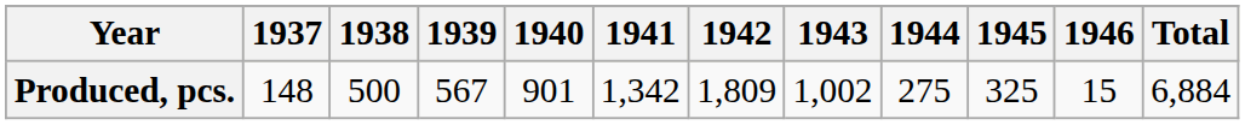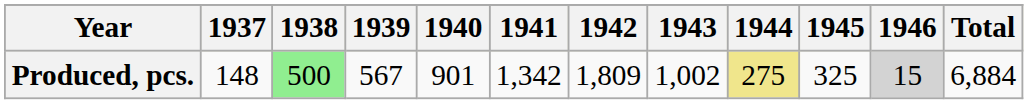 <table class="wikitable">
 <tr style="vertical-align:top; text-align:center;">
 </tr>
 <tr style="vertical-align:top; border:1px solid #996; background-color:#ddb; text-align:center;">
 <th>Year</th>
 <th>1937</th>
 <th>1938</th>
 <th>1939</th>
 <th>1940</th>
 <th>1941</th>
 <th>1942</th>
 <th>1943</th>
 <th>1944</th>
 <th>1945</th>
 <th>1946</th>
 <th>Total</th>
 </tr>
 <tr style="vertical-align:top; text-align:center;">
 <th>Produced, pcs.</th>
 <td>148</td>
-<td>500</td>
+<td style="background: lightgreen;">500</td>
 <td>567</td>
 <td>901</td>
 <td>1,342</td>
 <td>1,809</td>
 <td>1,002</td>
-<td>275</td>
+<td style="background: khaki;">275</td>
 <td>325</td>
-<td>15</td>
+<td style="background: lightgrey;">15</td>
 <td>6,884</td>
 </tr>
 </table>
